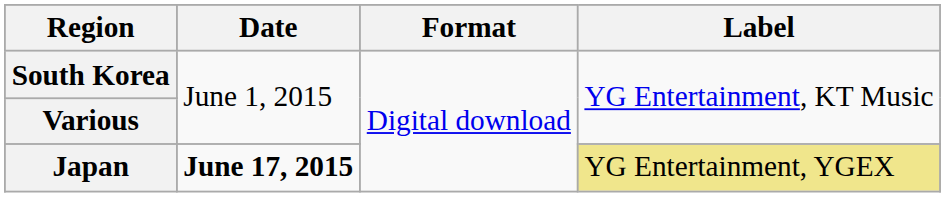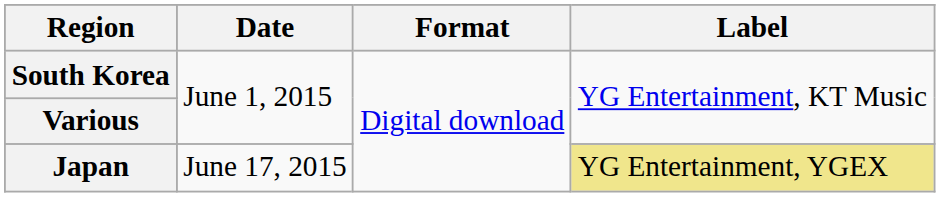 <table class="wikitable plainrowheaders">
 <tr>
 <th scope="col">Region</th>
 <th scope="col">Date</th>
 <th scope="col">Format</th>
 <th scope="col">Label</th>
 </tr>
 <tr>
 <th scope="row">South Korea</th>
 <td rowspan=2>June 1, 2015</td>
 <td rowspan=3><a href='#'>Digital download</a></td>
 <td rowspan=2><a href='#'>YG Entertainment</a>, KT Music</td>
 </tr>
 <tr>
 <th scope="row">Various</th>
 </tr>
 <tr>
 <th scope="row">Japan</th>
-<td><strong>June 17, 2015</strong></td>
+<td>June 17, 2015</td>
 <td style="background: khaki;">YG Entertainment, YGEX</td>
 </tr>
 </table>
